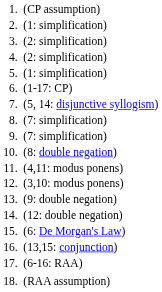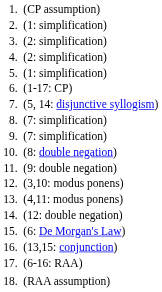 <table>
 <tr>
 <td align=right>1.</td>
 <td></td>
 <td>(CP assumption)</td>
 </tr>
 <tr>
 <td align=right>2.</td>
 <td></td>
 <td>(1: simplification)</td>
 </tr>
 <tr>
 <td align=right>3.</td>
 <td></td>
 <td>(2: simplification)</td>
 </tr>
 <tr>
 <td align=right>4.</td>
 <td></td>
 <td>(2: simplification)</td>
 </tr>
 <tr>
 <td align=right>5.</td>
 <td></td>
 <td>(1: simplification)</td>
 </tr>
 <tr>
 <td align=right>6.</td>
 <td></td>
 <td>(1-17: CP)</td>
 </tr>
 <tr>
 <td align=right>7.</td>
 <td></td>
 <td>(5, 14: <a href='#'>disjunctive syllogism</a>)</td>
 </tr>
 <tr>
 <td align=right>8.</td>
 <td></td>
 <td>(7: simplification)</td>
 </tr>
 <tr>
 <td align=right>9.</td>
 <td></td>
 <td>(7: simplification)</td>
 </tr>
 <tr>
 <td align=right>10.</td>
 <td></td>
 <td>(8: <a href='#'>double negation</a>)</td>
 </tr>
 <tr>
 <td align=right>11.</td>
 <td></td>
-<td>(4,11: modus ponens)</td>
+<td>(9: double negation)</td>
 </tr>
 <tr>
 <td align=right>12.</td>
 <td></td>
 <td>(3,10: modus ponens)</td>
 </tr>
 <tr>
 <td align=right>13.</td>
 <td></td>
-<td>(9: double negation)</td>
+<td>(4,11: modus ponens)</td>
 </tr>
 <tr>
 <td align=right>14.</td>
 <td></td>
 <td>(12: double negation)</td>
 </tr>
 <tr>
 <td align=right>15.</td>
 <td></td>
 <td>(6: <a href='#'>De Morgan's Law</a>)</td>
 </tr>
 <tr>
 <td align=right>16.</td>
 <td></td>
 <td>(13,15: <a href='#'>conjunction</a>)</td>
 </tr>
 <tr>
 <td align=right>17.</td>
 <td></td>
 <td>(6-16: RAA)</td>
 </tr>
 <tr>
 <td align=right></td>
 </tr>
 <tr>
 <td align=right>18.</td>
 <td></td>
 <td>(RAA assumption)</td>
 </tr>
 </table>
